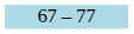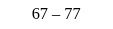 <table style="text-align:center;">
 <tr>
 <th width=200></th>
 <th width=100></th>
 <th width=200></th>
 <th></th>
 </tr>
 <tr>
 <td align=right></td>
-<td style="background: lightblue;">67 – 77</td>
+<td>67 – 77</td>
 <td align=left><strong></strong></td>
 </tr>
 </table>
